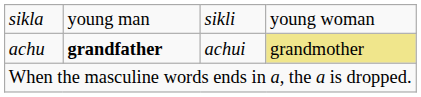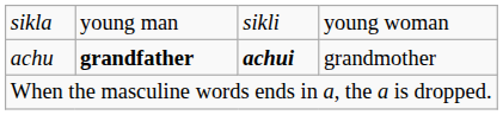 <table class="wikitable" border="1">
 <tr>
 <td><em>sikla</em></td>
 <td>young man</td>
 <td><em>sikli</em></td>
 <td>young woman</td>
 </tr>
 <tr>
 <td><em>achu</em></td>
 <td><strong>grandfather</strong></td>
-<td><em>achui</em></td>
-<td style="background: khaki;">grandmother</td>
+<td><strong><em>achui</em></strong></td>
+<td>grandmother</td>
 </tr>
 <tr>
 <td colspan="4">When the masculine words ends in <em>a</em>, the <em>a</em> is dropped.</td>
 </tr>
 </table>
